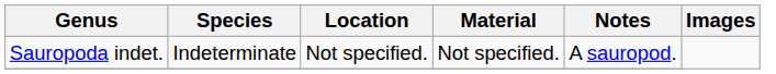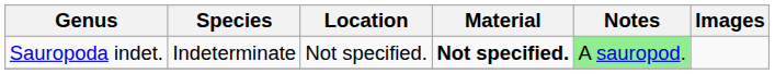 <table class="wikitable sortable">
 <tr>
 <th>Genus</th>
 <th>Species</th>
 <th>Location</th>
 <th>Material</th>
 <th>Notes</th>
 <th>Images</th>
 </tr>
 <tr>
 <td><a href='#'>Sauropoda</a> indet.</td>
 <td>Indeterminate</td>
 <td>Not specified.</td>
-<td>Not specified.</td>
-<td>A <a href='#'>sauropod</a>.</td>
+<td><strong>Not specified.</strong></td>
+<td style="background: lightgreen;">A <a href='#'>sauropod</a>.</td>
 </tr>
 <tr>
 </tr>
 </table>
